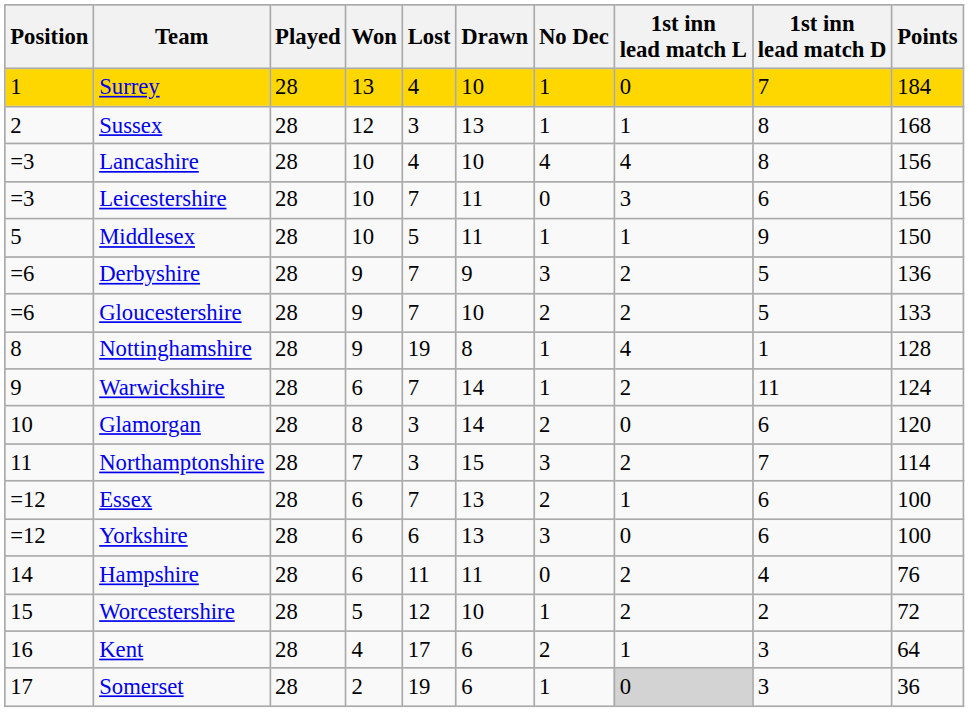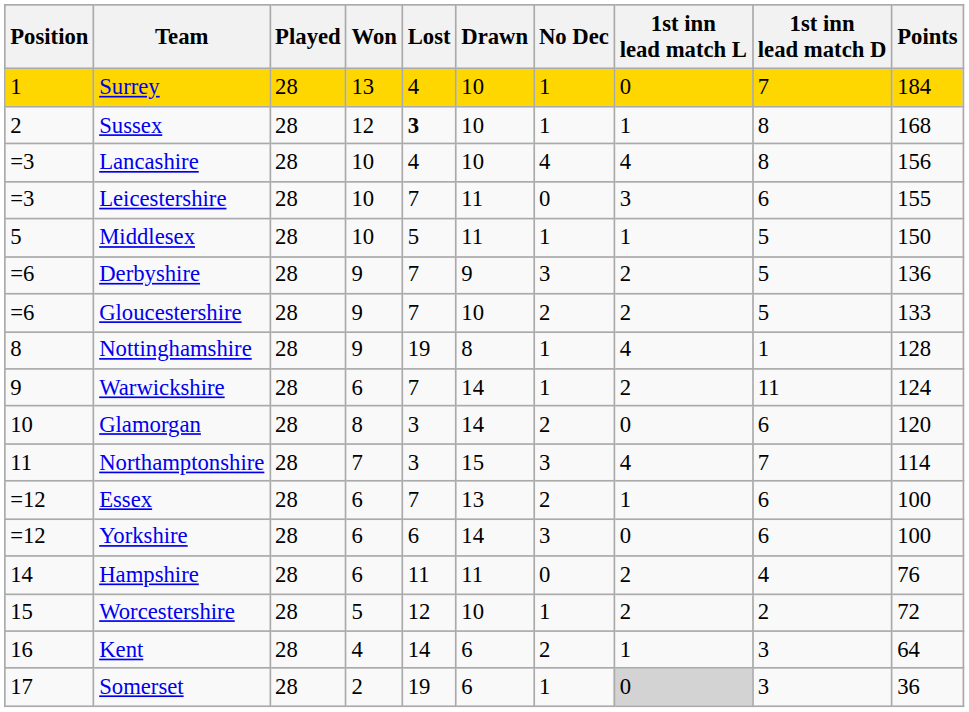 <table class="wikitable" style="font-size:85%;">
 <tr>
 <th>Position</th>
 <th>Team</th>
 <th>Played</th>
 <th>Won</th>
 <th>Lost</th>
 <th>Drawn</th>
 <th>No Dec</th>
 <th>1st inn<br>lead match L</th>
 <th>1st inn<br>lead match D</th>
 <th>Points</th>
 </tr>
 <tr>
 <td bgcolor="gold">1</td>
 <td bgcolor="gold"><a href='#'>Surrey</a></td>
 <td bgcolor="gold">28</td>
 <td bgcolor="gold">13</td>
 <td bgcolor="gold">4</td>
 <td bgcolor="gold">10</td>
 <td bgcolor="gold">1</td>
 <td bgcolor="gold">0</td>
 <td bgcolor="gold">7</td>
 <td bgcolor="gold">184</td>
 </tr>
 <tr>
 <td>2</td>
 <td><a href='#'>Sussex</a></td>
 <td>28</td>
 <td>12</td>
-<td>3</td>
-<td>13</td>
+<td><strong>3</strong></td>
+<td>10</td>
 <td>1</td>
 <td>1</td>
 <td>8</td>
 <td>168</td>
 </tr>
 <tr>
 <td>=3</td>
 <td><a href='#'>Lancashire</a></td>
 <td>28</td>
 <td>10</td>
 <td>4</td>
 <td>10</td>
 <td>4</td>
 <td>4</td>
 <td>8</td>
 <td>156</td>
 </tr>
 <tr>
 <td>=3</td>
 <td><a href='#'>Leicestershire</a></td>
 <td>28</td>
 <td>10</td>
 <td>7</td>
 <td>11</td>
 <td>0</td>
 <td>3</td>
 <td>6</td>
-<td>156</td>
+<td>155</td>
 </tr>
 <tr>
 <td>5</td>
 <td><a href='#'>Middlesex</a></td>
 <td>28</td>
 <td>10</td>
 <td>5</td>
 <td>11</td>
 <td>1</td>
 <td>1</td>
-<td>9</td>
+<td>5</td>
 <td>150</td>
 </tr>
 <tr>
 <td>=6</td>
 <td><a href='#'>Derbyshire</a></td>
 <td>28</td>
 <td>9</td>
 <td>7</td>
 <td>9</td>
 <td>3</td>
 <td>2</td>
 <td>5</td>
 <td>136</td>
 </tr>
 <tr>
 <td>=6</td>
 <td><a href='#'>Gloucestershire</a></td>
 <td>28</td>
 <td>9</td>
 <td>7</td>
 <td>10</td>
 <td>2</td>
 <td>2</td>
 <td>5</td>
 <td>133</td>
 </tr>
 <tr>
 <td>8</td>
 <td><a href='#'>Nottinghamshire</a></td>
 <td>28</td>
 <td>9</td>
 <td>19</td>
 <td>8</td>
 <td>1</td>
 <td>4</td>
 <td>1</td>
 <td>128</td>
 </tr>
 <tr>
 <td>9</td>
 <td><a href='#'>Warwickshire</a></td>
 <td>28</td>
 <td>6</td>
 <td>7</td>
 <td>14</td>
 <td>1</td>
 <td>2</td>
 <td>11</td>
 <td>124</td>
 </tr>
 <tr>
 <td>10</td>
 <td><a href='#'>Glamorgan</a></td>
 <td>28</td>
 <td>8</td>
 <td>3</td>
 <td>14</td>
 <td>2</td>
 <td>0</td>
 <td>6</td>
 <td>120</td>
 </tr>
 <tr>
 <td>11</td>
 <td><a href='#'>Northamptonshire</a></td>
 <td>28</td>
 <td>7</td>
 <td>3</td>
 <td>15</td>
 <td>3</td>
-<td>2</td>
+<td>4</td>
 <td>7</td>
 <td>114</td>
 </tr>
 <tr>
 <td>=12</td>
 <td><a href='#'>Essex</a></td>
 <td>28</td>
 <td>6</td>
 <td>7</td>
 <td>13</td>
 <td>2</td>
 <td>1</td>
 <td>6</td>
 <td>100</td>
 </tr>
 <tr>
 <td>=12</td>
 <td><a href='#'>Yorkshire</a></td>
 <td>28</td>
 <td>6</td>
 <td>6</td>
-<td>13</td>
+<td>14</td>
 <td>3</td>
 <td>0</td>
 <td>6</td>
 <td>100</td>
 </tr>
 <tr>
 <td>14</td>
 <td><a href='#'>Hampshire</a></td>
 <td>28</td>
 <td>6</td>
 <td>11</td>
 <td>11</td>
 <td>0</td>
 <td>2</td>
 <td>4</td>
 <td>76</td>
 </tr>
 <tr>
 <td>15</td>
 <td><a href='#'>Worcestershire</a></td>
 <td>28</td>
 <td>5</td>
 <td>12</td>
 <td>10</td>
 <td>1</td>
 <td>2</td>
 <td>2</td>
 <td>72</td>
 </tr>
 <tr>
 <td>16</td>
 <td><a href='#'>Kent</a></td>
 <td>28</td>
 <td>4</td>
-<td>17</td>
+<td>14</td>
 <td>6</td>
 <td>2</td>
 <td>1</td>
 <td>3</td>
 <td>64</td>
 </tr>
 <tr>
 <td>17</td>
 <td><a href='#'>Somerset</a></td>
 <td>28</td>
 <td>2</td>
 <td>19</td>
 <td>6</td>
 <td>1</td>
 <td style="background: lightgrey;">0</td>
 <td>3</td>
 <td>36</td>
 </tr>
 </table>
